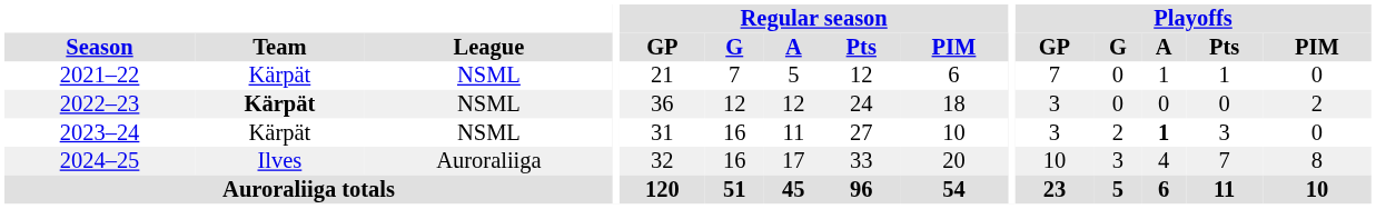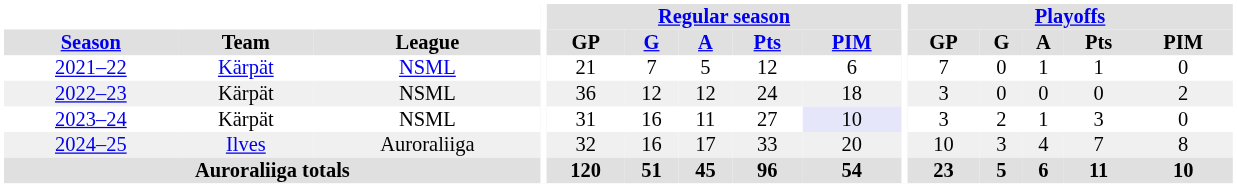 <table border="0" cellpadding="1" cellspacing="0" style="text-align:center; width:60em">
 <tr bgcolor="#e0e0e0">
 <th colspan="3" bgcolor="#ffffff"></th>
 <th rowspan="97" bgcolor="#ffffff"></th>
 <th colspan="5"><a href='#'>Regular season</a></th>
 <th rowspan="97" bgcolor="#ffffff"></th>
 <th colspan="5"><a href='#'>Playoffs</a></th>
 </tr>
 <tr bgcolor="#e0e0e0">
 <th><a href='#'>Season</a></th>
 <th>Team</th>
 <th>League</th>
 <th>GP</th>
 <th><a href='#'>G</a></th>
 <th><a href='#'>A</a></th>
 <th><a href='#'>Pts</a></th>
 <th><a href='#'>PIM</a></th>
 <th>GP</th>
 <th>G</th>
 <th>A</th>
 <th>Pts</th>
 <th>PIM</th>
 </tr>
 <tr>
 <td><a href='#'>2021–22</a></td>
 <td><a href='#'>Kärpät</a></td>
 <td><a href='#'>NSML</a></td>
 <td>21</td>
 <td>7</td>
 <td>5</td>
 <td>12</td>
 <td>6</td>
 <td>7</td>
 <td>0</td>
 <td>1</td>
 <td>1</td>
 <td>0</td>
 </tr>
 <tr bgcolor="#f0f0f0">
 <td><a href='#'>2022–23</a></td>
-<td><strong>Kärpät</strong></td>
+<td>Kärpät</td>
 <td>NSML</td>
 <td>36</td>
 <td>12</td>
 <td>12</td>
 <td>24</td>
 <td>18</td>
 <td>3</td>
 <td>0</td>
 <td>0</td>
 <td>0</td>
 <td>2</td>
 </tr>
 <tr>
 <td><a href='#'>2023–24</a></td>
 <td>Kärpät</td>
 <td>NSML</td>
 <td>31</td>
 <td>16</td>
 <td>11</td>
 <td>27</td>
-<td>10</td>
+<td style="background: lavender;">10</td>
 <td>3</td>
 <td>2</td>
-<td><strong>1</strong></td>
+<td>1</td>
 <td>3</td>
 <td>0</td>
 </tr>
 <tr bgcolor="#f0f0f0">
 <td><a href='#'>2024–25</a></td>
 <td><a href='#'>Ilves</a></td>
 <td>Auroraliiga</td>
 <td>32</td>
 <td>16</td>
 <td>17</td>
 <td>33</td>
 <td>20</td>
 <td>10</td>
 <td>3</td>
 <td>4</td>
 <td>7</td>
 <td>8</td>
 </tr>
 <tr bgcolor="#e0e0e0">
 <th colspan="3">Auroraliiga totals</th>
 <th>120</th>
 <th>51</th>
 <th>45</th>
 <th>96</th>
 <th>54</th>
 <th>23</th>
 <th>5</th>
 <th>6</th>
 <th>11</th>
 <th>10</th>
 </tr>
 </table>
